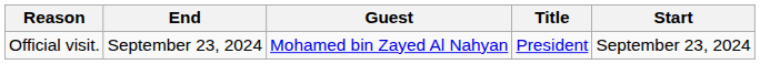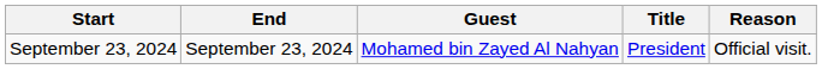 <table class="wikitable">
 <tr>
-<th>Reason</th>
+<th>Start</th>
 <th>End</th>
 <th>Guest</th>
 <th>Title</th>
-<th>Start</th>
+<th>Reason</th>
 </tr>
 <tr>
-<td>Official visit.</td>
+<td>September 23, 2024</td>
 <td>September 23, 2024</td>
 <td><a href='#'>Mohamed bin Zayed Al Nahyan</a></td>
 <td><a href='#'>President</a></td>
-<td>September 23, 2024</td>
+<td>Official visit.</td>
 </tr>
 </table>
